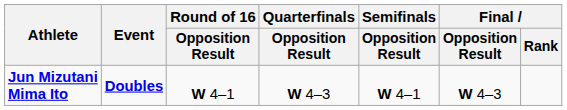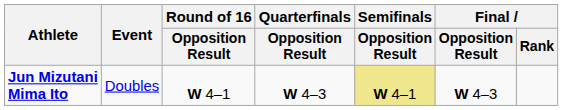 <table class="wikitable" style="font-size:90%;">
 <tr>
 <th rowspan=2>Athlete</th>
 <th rowspan=2>Event</th>
 <th>Round of 16</th>
 <th>Quarterfinals</th>
 <th>Semifinals</th>
 <th colspan=2>Final / </th>
 </tr>
 <tr style="font-size:95%">
 <th>Opposition<br>Result</th>
 <th>Opposition<br>Result</th>
 <th>Opposition<br>Result</th>
 <th>Opposition<br>Result</th>
 <th>Rank</th>
 </tr>
 <tr align=center>
 <td align=left><strong><a href='#'>Jun Mizutani</a><br><a href='#'>Mima Ito</a></strong></td>
-<td align=left><strong><a href='#'>Doubles</a></strong></td>
+<td align=left><a href='#'>Doubles</a></td>
 <td><br><strong>W</strong> 4–1</td>
 <td><br><strong>W</strong> 4–3</td>
-<td><br><strong>W</strong> 4–1</td>
+<td style="background: khaki;"><br><strong>W</strong> 4–1</td>
 <td><br><strong>W</strong> 4–3</td>
 <td></td>
 </tr>
 </table>
